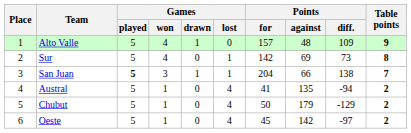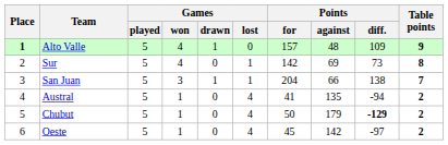 <table class="wikitable">
 <tr>
 <th rowspan=2 width="8%">Place</th>
 <th rowspan=2 width="20%">Team</th>
 <th colspan=4 width="32%">Games</th>
 <th colspan=3 width="30%">Points</th>
 <th rowspan=2 width="10%">Table<br>points</th>
 </tr>
 <tr>
 <th width="8%">played</th>
 <th width="8%">won</th>
 <th width="8%">drawn</th>
 <th width="8%">lost</th>
 <th width="10%">for</th>
 <th width="10%">against</th>
 <th width="10%">diff.</th>
 </tr>
 <tr align=center style="background: #ccffcc;">
-<td>1</td>
+<td><strong>1</strong></td>
 <td align=left><a href='#'>Alto Valle</a></td>
 <td>5</td>
 <td>4</td>
 <td>1</td>
 <td>0</td>
 <td>157</td>
 <td>48</td>
 <td>109</td>
 <td><strong>9</strong></td>
 </tr>
 <tr align=center style="background: #ffffff;">
 <td>2</td>
 <td align=left><a href='#'>Sur</a></td>
 <td>5</td>
 <td>4</td>
 <td>0</td>
 <td>1</td>
 <td>142</td>
 <td>69</td>
 <td>73</td>
 <td><strong>8</strong></td>
 </tr>
 <tr align=center style="background: #ffffff;">
 <td>3</td>
 <td align=left><a href='#'>San Juan</a></td>
-<td><strong>5</strong></td>
+<td>5</td>
 <td>3</td>
 <td>1</td>
 <td>1</td>
 <td>204</td>
 <td>66</td>
 <td>138</td>
 <td><strong>7</strong></td>
 </tr>
 <tr align=center style="background: #ffffff;">
 <td>4</td>
 <td align=left><a href='#'>Austral</a></td>
 <td>5</td>
 <td>1</td>
 <td>0</td>
 <td>4</td>
 <td>41</td>
 <td>135</td>
 <td>-94</td>
 <td><strong>2</strong></td>
 </tr>
 <tr align=center style="background: #ffffff;">
 <td>5</td>
 <td align=left><a href='#'>Chubut</a></td>
 <td>5</td>
 <td>1</td>
 <td>0</td>
 <td>4</td>
 <td>50</td>
 <td>179</td>
-<td>-129</td>
+<td><strong>-129</strong></td>
 <td><strong>2</strong></td>
 </tr>
 <tr align=center style="background: #ffffff;">
 <td>6</td>
 <td align=left><a href='#'>Oeste</a></td>
 <td>5</td>
 <td>1</td>
 <td>0</td>
 <td>4</td>
 <td>45</td>
 <td>142</td>
 <td>-97</td>
 <td><strong>2</strong></td>
 </tr>
 </table>
